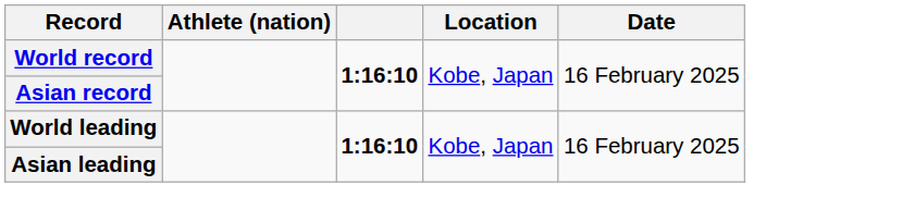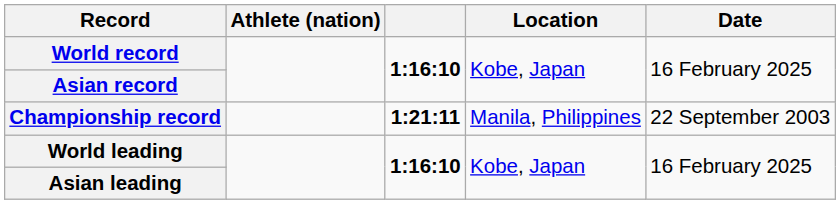 <table class="wikitable">
 <tr>
 <th scope="col">Record</th>
 <th scope="col">Athlete (nation)</th>
 <th scope="col"></th>
 <th scope="col">Location</th>
 <th scope="col">Date</th>
 </tr>
 <tr>
 <th scope="row"><a href='#'>World record</a></th>
 <td rowspan="2"></td>
 <td rowspan="2" align="center"><strong>1:16:10</strong></td>
 <td rowspan="2"><a href='#'>Kobe</a>, <a href='#'>Japan</a></td>
 <td rowspan="2">16 February 2025</td>
 </tr>
 <tr>
 <th scope="row"><a href='#'>Asian record</a></th>
 </tr>
 <tr>
+<th><a href='#'>Championship record</a></th>
+<td></td>
+<td align="center"><strong>1:21:11</strong></td>
+<td><a href='#'>Manila</a>, <a href='#'>Philippines</a></td>
+<td>22 September 2003</td>
+</tr>
+<tr>
 <th scope="row">World leading</th>
 <td rowspan="2"></td>
 <td rowspan="2" align="center"><strong>1:16:10</strong></td>
 <td rowspan="2"><a href='#'>Kobe</a>, <a href='#'>Japan</a></td>
 <td rowspan="2">16 February 2025</td>
 </tr>
 <tr>
 <th scope="row">Asian leading</th>
 </tr>
 </table>
